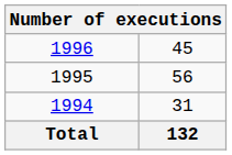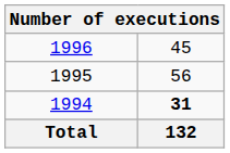 <table class="wikitable" style="text-align:center;">
 <tr>
 <th ! colspan="2">Number of executions</th>
 </tr>
 <tr>
 <td><a href='#'>1996</a></td>
 <td>45</td>
 </tr>
 <tr>
 <td>1995</td>
 <td>56</td>
 </tr>
 <tr>
 <td><a href='#'>1994</a></td>
-<td>31</td>
+<td><strong>31</strong></td>
 </tr>
 <tr>
 <th>Total</th>
 <th>132</th>
 </tr>
 </table>
